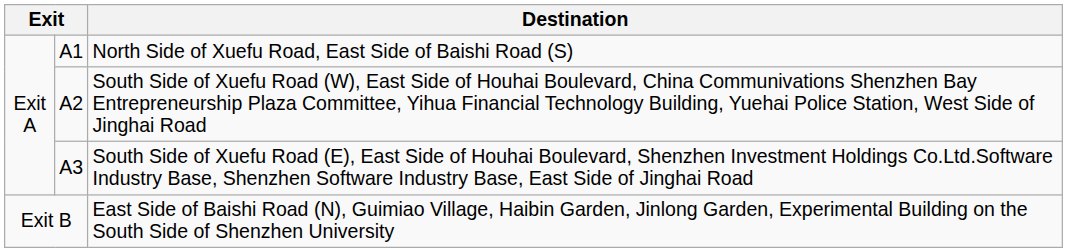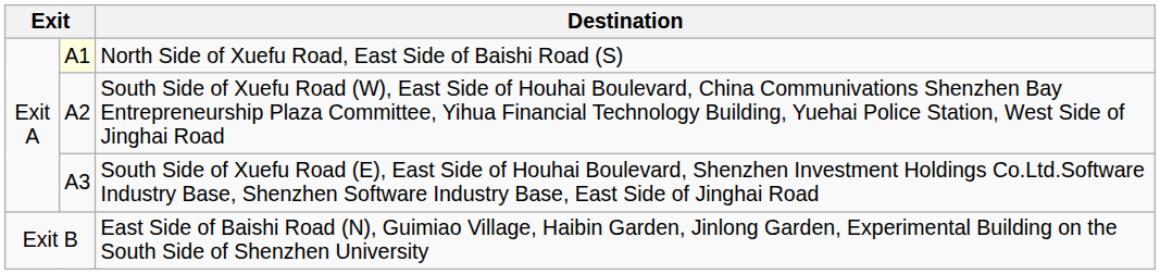 <table class="wikitable">
 <tr>
 <th style="width:70px" colspan="2">Exit</th>
 <th>Destination</th>
 </tr>
 <tr>
 <td align="center" rowspan="3">Exit A</td>
-<td>A1</td>
+<td style="background: lightyellow;">A1</td>
 <td>North Side of Xuefu Road, East Side of Baishi Road (S)</td>
 </tr>
 <tr>
 <td>A2</td>
 <td>South Side of Xuefu Road (W), East Side of Houhai Boulevard, China Communivations Shenzhen Bay Entrepreneurship Plaza Committee, Yihua Financial Technology Building, Yuehai Police Station, West Side of Jinghai Road</td>
 </tr>
 <tr>
 <td>A3</td>
 <td>South Side of Xuefu Road (E), East Side of Houhai Boulevard, Shenzhen Investment Holdings Co.Ltd.Software Industry Base, Shenzhen Software Industry Base, East Side of Jinghai Road</td>
 </tr>
 <tr>
 <td align="center" colspan="2">Exit B</td>
 <td>East Side of Baishi Road (N), Guimiao Village, Haibin Garden, Jinlong Garden, Experimental Building on the South Side of Shenzhen University</td>
 </tr>
 </table>
